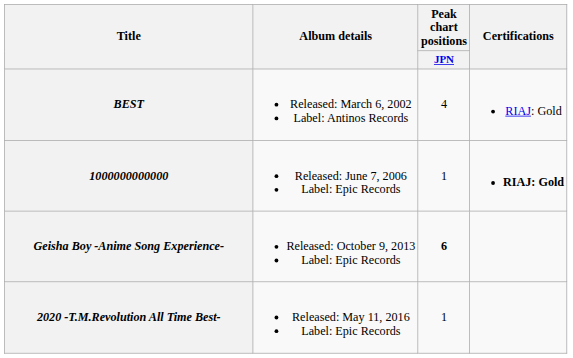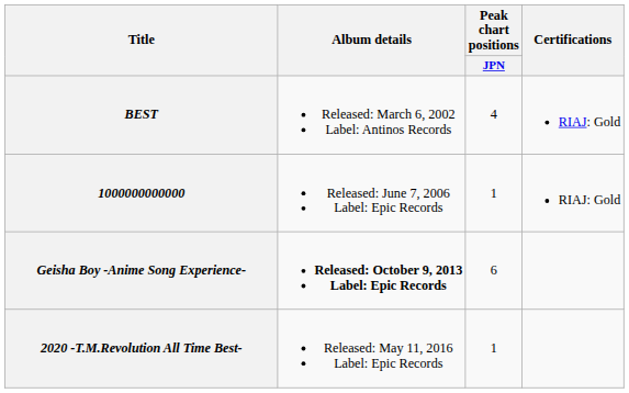 <table class="wikitable plainrowheaders" style="text-align:center;">
 <tr>
 <th rowspan="2" style="width:20em;">Title</th>
 <th rowspan="2">Album details</th>
 <th colspan="1">Peak chart positions</th>
 <th rowspan="2">Certifications</th>
 </tr>
 <tr>
 <th scope="col" style="width:2.5em;font-size:90%;"><a href='#'>JPN</a><br></th>
 </tr>
 <tr>
 <th scope="row"><em>BEST</em></th>
 <td><br><ul><li>Released: March 6, 2002</li><li>Label: Antinos Records</li></ul></td>
 <td>4</td>
 <td><br><ul><li><a href='#'>RIAJ</a>: Gold</li></ul></td>
 </tr>
 <tr>
 <th scope="row"><em>1000000000000</em></th>
 <td><br><ul><li>Released: June 7, 2006</li><li>Label: Epic Records</li></ul></td>
 <td>1</td>
-<td><strong><br><ul><li>RIAJ: Gold</li></ul></strong></td>
+<td><br><ul><li>RIAJ: Gold</li></ul></td>
 </tr>
 <tr>
 <th scope="row"><em>Geisha Boy -Anime Song Experience-</em></th>
-<td><br><ul><li>Released: October 9, 2013</li><li>Label: Epic Records</li></ul></td>
-<td><strong>6</strong></td>
+<td><strong><br><ul><li>Released: October 9, 2013</li><li>Label: Epic Records</li></ul></strong></td>
+<td>6</td>
 <td></td>
 </tr>
 <tr>
 <th scope="row"><em>2020 -T.M.Revolution All Time Best-</em></th>
 <td><br><ul><li>Released: May 11, 2016</li><li>Label: Epic Records</li></ul></td>
 <td>1</td>
 <td></td>
 </tr>
 </table>
